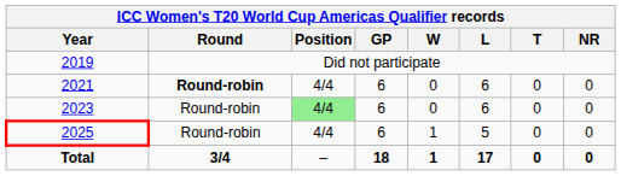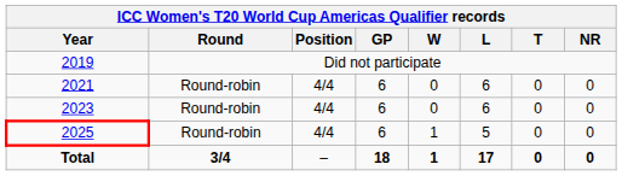 <table class="wikitable" style="text-align: center; width=900px;">
 <tr>
 <th colspan=9><a href='#'>ICC Women's T20 World Cup Americas Qualifier</a> records</th>
 </tr>
 <tr>
 <th width=150>Year</th>
 <th width=150>Round</th>
 <th width=50>Position</th>
 <th width=50>GP</th>
 <th width=50>W</th>
 <th width=50>L</th>
 <th width=50>T</th>
 <th width=50>NR</th>
 </tr>
 <tr>
 <td> <a href='#'>2019</a></td>
 <td colspan=8>Did not participate</td>
 </tr>
 <tr>
 <td> <a href='#'>2021</a></td>
-<td><strong>Round-robin</strong></td>
+<td>Round-robin</td>
 <td>4/4</td>
 <td>6</td>
 <td>0</td>
 <td>6</td>
 <td>0</td>
 <td>0</td>
 </tr>
 <tr>
 <td> <a href='#'>2023</a></td>
 <td>Round-robin</td>
-<td style="background: lightgreen;">4/4</td>
+<td>4/4</td>
 <td>6</td>
 <td>0</td>
 <td>6</td>
 <td>0</td>
 <td>0</td>
 </tr>
 <tr>
 <td style="border: 3px solid red"> <a href='#'>2025</a></td>
 <td>Round-robin</td>
 <td>4/4</td>
 <td>6</td>
 <td>1</td>
 <td>5</td>
 <td>0</td>
 <td>0</td>
 </tr>
 <tr>
 <td><strong>Total</strong></td>
 <td><strong>3/4</strong></td>
 <td>–</td>
 <td><strong>18</strong></td>
 <td><strong>1</strong></td>
 <td><strong>17</strong></td>
 <td><strong>0</strong></td>
 <td><strong>0</strong></td>
 </tr>
 </table>
